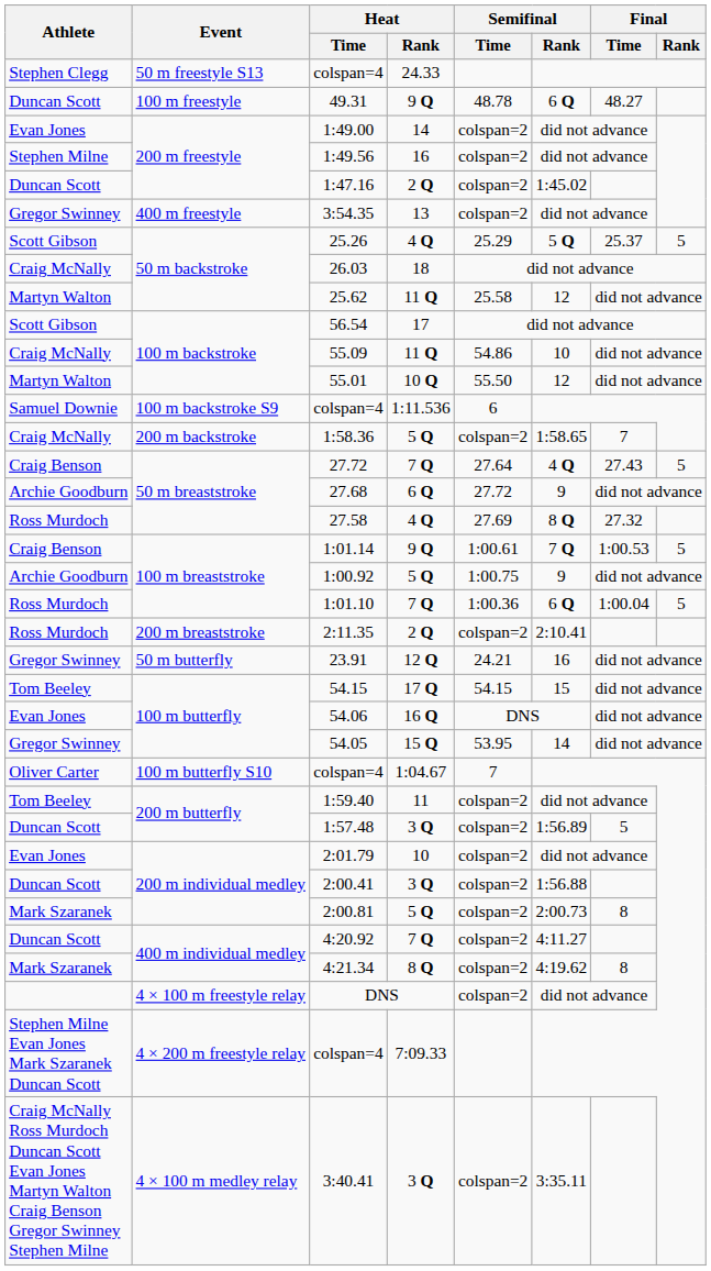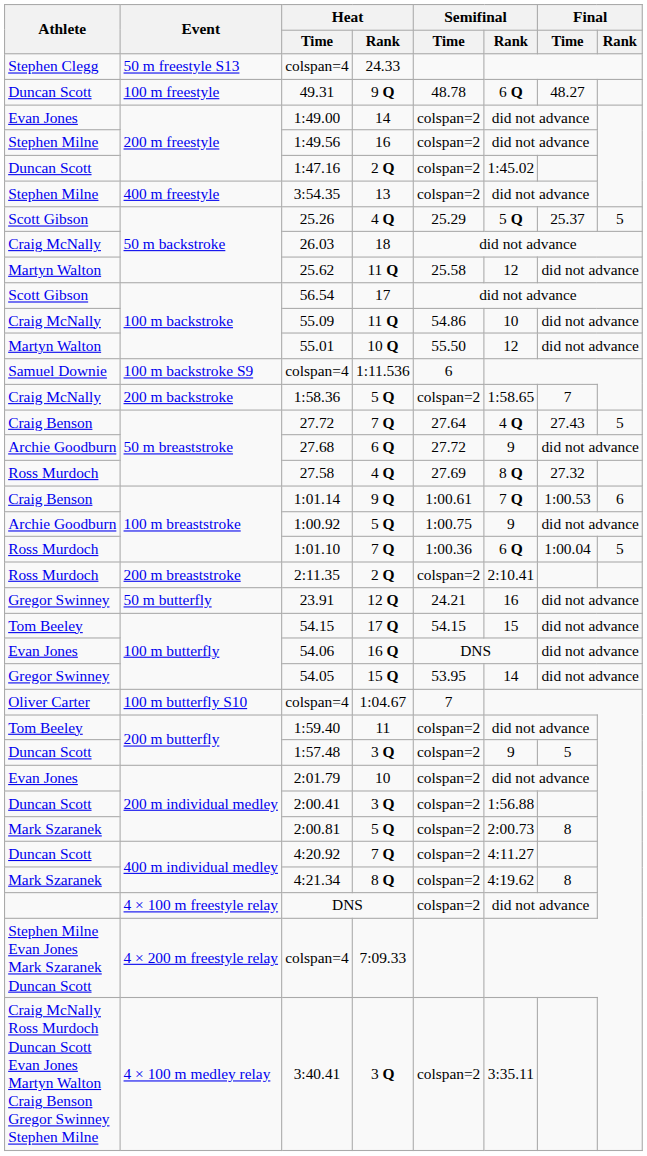 <table class=wikitable style=font-size:90%>
 <tr>
 <th rowspan=2>Athlete</th>
 <th rowspan=2>Event</th>
 <th colspan=2>Heat</th>
 <th colspan=2>Semifinal</th>
 <th colspan=2>Final</th>
 </tr>
 <tr style=font-size:95%>
 <th>Time</th>
 <th>Rank</th>
 <th>Time</th>
 <th>Rank</th>
 <th>Time</th>
 <th>Rank</th>
 </tr>
 <tr align=center>
 <td align=left><a href='#'>Stephen Clegg</a></td>
 <td align=left rowspan="1"><a href='#'>50 m freestyle S13</a></td>
 <td>colspan=4 </td>
 <td>24.33</td>
 <td></td>
 </tr>
 <tr align=center>
 <td align=left><a href='#'>Duncan Scott</a></td>
 <td align=left rowspan="1"><a href='#'>100 m freestyle</a></td>
 <td>49.31</td>
 <td>9 <strong>Q</strong></td>
 <td>48.78</td>
 <td>6 <strong>Q</strong></td>
 <td>48.27</td>
 <td></td>
 </tr>
 <tr align=center>
 <td align=left><a href='#'>Evan Jones</a></td>
 <td align=left rowspan="3"><a href='#'>200 m freestyle</a></td>
 <td>1:49.00</td>
 <td>14</td>
 <td>colspan=2 </td>
 <td colspan=2>did not advance</td>
 </tr>
 <tr align=center>
 <td align=left><a href='#'>Stephen Milne</a></td>
 <td>1:49.56</td>
 <td>16</td>
 <td>colspan=2 </td>
 <td colspan=2>did not advance</td>
 </tr>
 <tr align=center>
 <td align=left><a href='#'>Duncan Scott</a></td>
 <td>1:47.16</td>
 <td>2 <strong>Q</strong></td>
 <td>colspan=2 </td>
 <td>1:45.02</td>
 <td></td>
 </tr>
 <tr align=center>
-<td align=left><a href='#'>Gregor Swinney</a></td>
+<td align=left><a href='#'>Stephen Milne</a></td>
 <td align=left rowspan="1"><a href='#'>400 m freestyle</a></td>
 <td>3:54.35</td>
 <td>13</td>
 <td>colspan=2 </td>
 <td colspan=2>did not advance</td>
 </tr>
 <tr align=center>
 <td align=left><a href='#'>Scott Gibson</a></td>
 <td align=left rowspan=3><a href='#'>50 m backstroke</a></td>
 <td>25.26</td>
 <td>4 <strong>Q</strong></td>
 <td>25.29</td>
 <td>5 <strong>Q</strong></td>
 <td>25.37</td>
 <td>5</td>
 </tr>
 <tr align=center>
 <td align=left><a href='#'>Craig McNally</a></td>
 <td>26.03</td>
 <td>18</td>
 <td colspan=4>did not advance</td>
 </tr>
 <tr align=center>
 <td align=left><a href='#'>Martyn Walton</a></td>
 <td>25.62</td>
 <td>11 <strong>Q</strong></td>
 <td>25.58</td>
 <td>12</td>
 <td colspan=2>did not advance</td>
 </tr>
 <tr align=center>
 <td align=left><a href='#'>Scott Gibson</a></td>
 <td align=left rowspan=3><a href='#'>100 m backstroke</a></td>
 <td>56.54</td>
 <td>17</td>
 <td colspan=4>did not advance</td>
 </tr>
 <tr align=center>
 <td align=left><a href='#'>Craig McNally</a></td>
 <td>55.09</td>
 <td>11 <strong>Q</strong></td>
 <td>54.86</td>
 <td>10</td>
 <td colspan=2>did not advance</td>
 </tr>
 <tr align=center>
 <td align=left><a href='#'>Martyn Walton</a></td>
 <td>55.01</td>
 <td>10 <strong>Q</strong></td>
 <td>55.50</td>
 <td>12</td>
 <td colspan=2>did not advance</td>
 </tr>
 <tr align=center>
 <td align=left><a href='#'>Samuel Downie</a></td>
 <td align=left rowspan="1"><a href='#'>100 m backstroke S9</a></td>
 <td>colspan=4 </td>
 <td>1:11.536</td>
 <td>6</td>
 </tr>
 <tr align=center>
 <td align=left><a href='#'>Craig McNally</a></td>
 <td align=left rowspan="1"><a href='#'>200 m backstroke</a></td>
 <td>1:58.36</td>
 <td>5 <strong>Q</strong></td>
 <td>colspan=2 </td>
 <td>1:58.65</td>
 <td>7</td>
 </tr>
 <tr align=center>
 <td align=left><a href='#'>Craig Benson</a></td>
 <td align=left rowspan=3><a href='#'>50 m breaststroke</a></td>
 <td>27.72</td>
 <td>7 <strong>Q</strong></td>
 <td>27.64</td>
 <td>4 <strong>Q</strong></td>
 <td>27.43</td>
 <td>5</td>
 </tr>
 <tr align=center>
 <td align=left><a href='#'>Archie Goodburn</a></td>
 <td>27.68</td>
 <td>6 <strong>Q</strong></td>
 <td>27.72</td>
 <td>9</td>
 <td colspan=2>did not advance</td>
 </tr>
 <tr align=center>
 <td align=left><a href='#'>Ross Murdoch</a></td>
 <td>27.58</td>
 <td>4 <strong>Q</strong></td>
 <td>27.69</td>
 <td>8 <strong>Q</strong></td>
 <td>27.32</td>
 <td></td>
 </tr>
 <tr align=center>
 <td align=left><a href='#'>Craig Benson</a></td>
 <td align=left rowspan="3"><a href='#'>100 m breaststroke</a></td>
 <td>1:01.14</td>
 <td>9 <strong>Q</strong></td>
 <td>1:00.61</td>
 <td>7 <strong>Q</strong></td>
 <td>1:00.53</td>
-<td>5</td>
+<td>6</td>
 </tr>
 <tr align=center>
 <td align=left><a href='#'>Archie Goodburn</a></td>
 <td>1:00.92</td>
 <td>5 <strong>Q</strong></td>
 <td>1:00.75</td>
 <td>9</td>
 <td colspan=2>did not advance</td>
 </tr>
 <tr align=center>
 <td align=left><a href='#'>Ross Murdoch</a></td>
 <td>1:01.10</td>
 <td>7 <strong>Q</strong></td>
 <td>1:00.36</td>
 <td>6 <strong>Q</strong></td>
 <td>1:00.04</td>
 <td>5</td>
 </tr>
 <tr align=center>
 <td align=left><a href='#'>Ross Murdoch</a></td>
 <td align=left rowspan="1"><a href='#'>200 m breaststroke</a></td>
 <td>2:11.35</td>
 <td>2 <strong>Q</strong></td>
 <td>colspan=2 </td>
 <td>2:10.41</td>
 <td></td>
 </tr>
 <tr align=center>
 <td align=left><a href='#'>Gregor Swinney</a></td>
 <td align=left rowspan="1"><a href='#'>50 m butterfly</a></td>
 <td>23.91</td>
 <td>12 <strong>Q</strong></td>
 <td>24.21</td>
 <td>16</td>
 <td colspan=2>did not advance</td>
 </tr>
 <tr align=center>
 <td align=left><a href='#'>Tom Beeley</a></td>
 <td align=left rowspan="3"><a href='#'>100 m butterfly</a></td>
 <td>54.15</td>
 <td>17 <strong>Q</strong></td>
 <td>54.15</td>
 <td>15</td>
 <td colspan=2>did not advance</td>
 </tr>
 <tr align=center>
 <td align=left><a href='#'>Evan Jones</a></td>
 <td>54.06</td>
 <td>16 <strong>Q</strong></td>
 <td colspan=2>DNS</td>
 <td colspan=2>did not advance</td>
 </tr>
 <tr align=center>
 <td align=left><a href='#'>Gregor Swinney</a></td>
 <td>54.05</td>
 <td>15 <strong>Q</strong></td>
 <td>53.95</td>
 <td>14</td>
 <td colspan=2>did not advance</td>
 </tr>
 <tr align=center>
 <td align=left><a href='#'>Oliver Carter</a></td>
 <td align=left rowspan="1"><a href='#'>100 m butterfly S10</a></td>
 <td>colspan=4 </td>
 <td>1:04.67</td>
 <td>7</td>
 </tr>
 <tr align=center>
 <td align=left><a href='#'>Tom Beeley</a></td>
 <td align=left rowspan=2><a href='#'>200 m butterfly</a></td>
 <td>1:59.40</td>
 <td>11</td>
 <td>colspan=2 </td>
 <td colspan=2>did not advance</td>
 </tr>
 <tr align=center>
 <td align=left><a href='#'>Duncan Scott</a></td>
 <td>1:57.48</td>
 <td>3 <strong>Q</strong></td>
 <td>colspan=2 </td>
-<td>1:56.89</td>
+<td>9</td>
 <td>5</td>
 </tr>
 <tr align=center>
 <td align=left><a href='#'>Evan Jones</a></td>
 <td align=left rowspan="3"><a href='#'>200 m individual medley</a></td>
 <td>2:01.79</td>
 <td>10</td>
 <td>colspan=2 </td>
 <td colspan=2>did not advance</td>
 </tr>
 <tr align=center>
 <td align=left><a href='#'>Duncan Scott</a></td>
 <td>2:00.41</td>
 <td>3 <strong>Q</strong></td>
 <td>colspan=2 </td>
 <td>1:56.88</td>
 <td></td>
 </tr>
 <tr align=center>
 <td align=left><a href='#'>Mark Szaranek</a></td>
 <td>2:00.81</td>
 <td>5 <strong>Q</strong></td>
 <td>colspan=2 </td>
 <td>2:00.73</td>
 <td>8</td>
 </tr>
 <tr align=center>
 <td align=left><a href='#'>Duncan Scott</a></td>
 <td align=left rowspan="2"><a href='#'>400 m individual medley</a></td>
 <td>4:20.92</td>
 <td>7 <strong>Q</strong></td>
 <td>colspan=2 </td>
 <td>4:11.27</td>
 <td></td>
 </tr>
 <tr align=center>
 <td align=left><a href='#'>Mark Szaranek</a></td>
 <td>4:21.34</td>
 <td>8 <strong>Q</strong></td>
 <td>colspan=2 </td>
 <td>4:19.62</td>
 <td>8</td>
 </tr>
 <tr align=center>
 <td align=left></td>
 <td align=left><a href='#'>4 × 100 m freestyle relay</a></td>
 <td colspan=2>DNS</td>
 <td>colspan=2 </td>
 <td colspan=2>did not advance</td>
 </tr>
 <tr align=center>
 <td align=left><a href='#'>Stephen Milne</a><br><a href='#'>Evan Jones</a><br><a href='#'>Mark Szaranek</a><br><a href='#'>Duncan Scott</a></td>
 <td align=left><a href='#'>4 × 200 m freestyle relay</a></td>
 <td>colspan=4 </td>
 <td>7:09.33</td>
 <td></td>
 </tr>
 <tr align=center>
 <td align=left><a href='#'>Craig McNally</a><br><a href='#'>Ross Murdoch</a> <br><a href='#'>Duncan Scott</a> <br><a href='#'>Evan Jones</a><br><a href='#'>Martyn Walton</a><br><a href='#'>Craig Benson</a><br><a href='#'>Gregor Swinney</a><br><a href='#'>Stephen Milne</a></td>
 <td align=left><a href='#'>4 × 100 m medley relay</a></td>
 <td>3:40.41</td>
 <td>3 <strong>Q</strong></td>
 <td>colspan=2 </td>
 <td>3:35.11</td>
 <td></td>
 </tr>
 </table>
